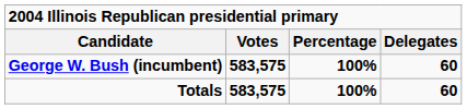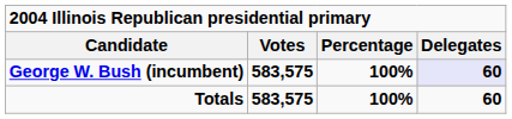 <table class=wikitable>
 <tr>
 <td Colspan=4><strong>2004 Illinois Republican presidential primary</strong></td>
 </tr>
 <tr>
 <th>Candidate</th>
 <th>Votes</th>
 <th>Percentage</th>
 <th>Delegates</th>
 </tr>
 <tr>
 <td><strong><a href='#'>George W. Bush</a></strong> <strong>(incumbent)</strong></td>
 <td align="right"><strong>583,575</strong></td>
 <td align="right"><strong>100%</strong></td>
-<td align="right"><strong>60</strong></td>
+<td align="right" style="background: lavender;"><strong>60</strong></td>
 </tr>
 <tr>
 <td align="right"><strong>Totals</strong></td>
 <td align="right"><strong>583,575</strong></td>
 <td align="right"><strong>100%</strong></td>
 <td align="right"><strong>60</strong></td>
 </tr>
 </table>
